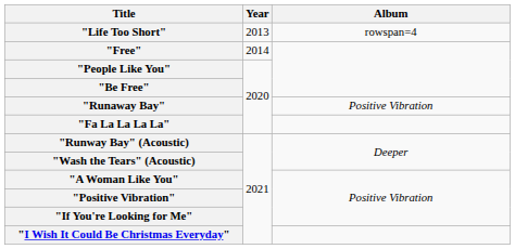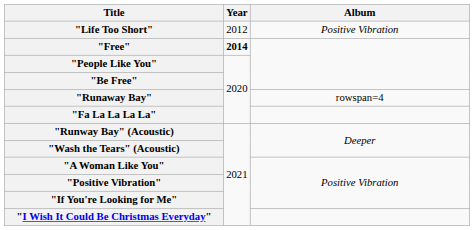 <table class="wikitable plainrowheaders" style="text-align:center;">
 <tr>
 <th rowspan="1" style="width:20em;">Title</th>
 <th rowspan="1" style="width:1em;">Year</th>
 <th rowspan="1" style="width:20em;">Album</th>
 </tr>
 <tr>
 <th scope="row">"Life Too Short"</th>
-<td>2013</td>
-<td>rowspan=4 </td>
+<td>2012</td>
+<td><em>Positive Vibration</em></td>
 </tr>
 <tr>
 <th scope="row">"Free"</th>
-<td>2014</td>
+<td><strong>2014</strong></td>
 </tr>
 <tr>
 <th scope="row">"People Like You"</th>
 <td rowspan=4>2020</td>
 </tr>
 <tr>
 <th scope="row">"Be Free"<br> </th>
 </tr>
 <tr>
 <th scope="row">"Runaway Bay"</th>
-<td><em>Positive Vibration</em></td>
+<td>rowspan=4 </td>
 </tr>
 <tr>
 <th scope="row">"Fa La La La La"</th>
 <td></td>
 </tr>
 <tr>
 <th scope="row">"Runway Bay" (Acoustic)</th>
 <td rowspan=6>2021</td>
 <td rowspan=2><em>Deeper</em></td>
 </tr>
 <tr>
 <th scope="row">"Wash the Tears" (Acoustic)</th>
 </tr>
 <tr>
 <th scope="row">"A Woman Like You"</th>
 <td rowspan=3><em>Positive Vibration</em></td>
 </tr>
 <tr>
 <th scope="row">"Positive Vibration"</th>
 </tr>
 <tr>
 <th scope="row">"If You're Looking for Me"</th>
 </tr>
 <tr>
 <th scope="row">"<a href='#'>I Wish It Could Be Christmas Everyday</a>"</th>
 <td></td>
 </tr>
 </table>
